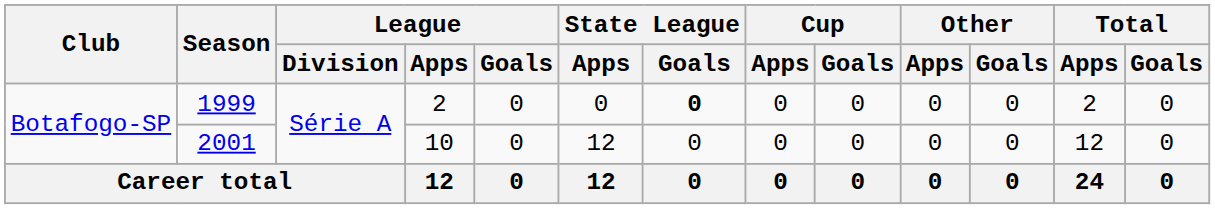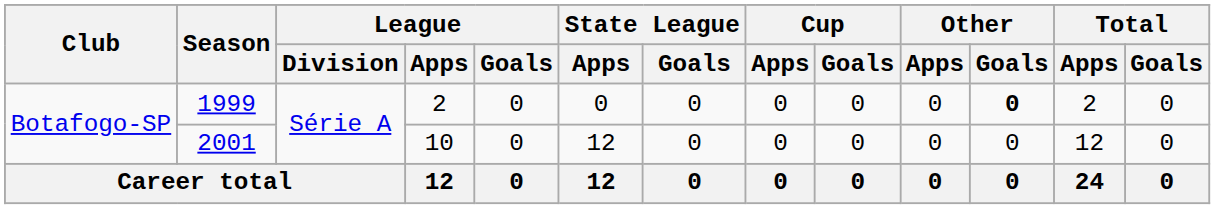 <table class="wikitable" style="text-align: center">
 <tr>
 <th rowspan="2">Club</th>
 <th rowspan="2">Season</th>
 <th colspan="3">League</th>
 <th colspan="2">State League</th>
 <th colspan="2">Cup</th>
 <th colspan="2">Other</th>
 <th colspan="2">Total</th>
 </tr>
 <tr>
 <th>Division</th>
 <th>Apps</th>
 <th>Goals</th>
 <th>Apps</th>
 <th>Goals</th>
 <th>Apps</th>
 <th>Goals</th>
 <th>Apps</th>
 <th>Goals</th>
 <th>Apps</th>
 <th>Goals</th>
 </tr>
 <tr>
 <td rowspan="2"><a href='#'>Botafogo-SP</a></td>
 <td><a href='#'>1999</a></td>
 <td rowspan="2"><a href='#'>Série A</a></td>
 <td>2</td>
 <td>0</td>
 <td>0</td>
-<td><strong>0</strong></td>
 <td>0</td>
 <td>0</td>
 <td>0</td>
 <td>0</td>
+<td><strong>0</strong></td>
 <td>2</td>
 <td>0</td>
 </tr>
 <tr>
 <td><a href='#'>2001</a></td>
 <td>10</td>
 <td>0</td>
 <td>12</td>
 <td>0</td>
 <td>0</td>
 <td>0</td>
 <td>0</td>
 <td>0</td>
 <td>12</td>
 <td>0</td>
 </tr>
 <tr>
 <th colspan="3"><strong>Career total</strong></th>
 <th>12</th>
 <th>0</th>
 <th>12</th>
 <th>0</th>
 <th>0</th>
 <th>0</th>
 <th>0</th>
 <th>0</th>
 <th>24</th>
 <th>0</th>
 </tr>
 </table>
